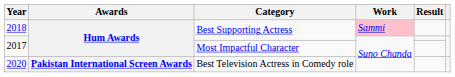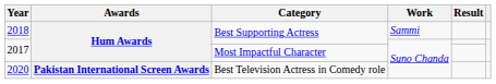 <table class="wikitable plainrowheaders">
 <tr>
 <th>Year</th>
 <th>Awards</th>
 <th>Category</th>
 <th>Work</th>
 <th>Result</th>
 <th></th>
 </tr>
 <tr>
 <td><a href='#'>2018</a></td>
 <th rowspan=3 scope=row><a href='#'>Hum Awards</a></th>
 <td rowspan=2><a href='#'>Best Supporting Actress</a></td>
-<td style="background: pink;"><em><a href='#'>Sammi</a></em></td>
+<td><em><a href='#'>Sammi</a></em></td>
 <td></td>
 <td></td>
 </tr>
 <tr>
 <td rowspan=2>2017</td>
 <td rowspan=3><em><a href='#'>Suno Chanda</a></em></td>
 <td></td>
 <td rowspan=2></td>
 </tr>
 <tr>
 <td><a href='#'>Most Impactful Character</a></td>
 <td></td>
 </tr>
 <tr>
 <td><a href='#'>2020</a></td>
 <th scope=row><a href='#'>Pakistan International Screen Awards</a></th>
 <td>Best Television Actress in Comedy role</td>
 <td></td>
 <td></td>
 </tr>
 </table>
